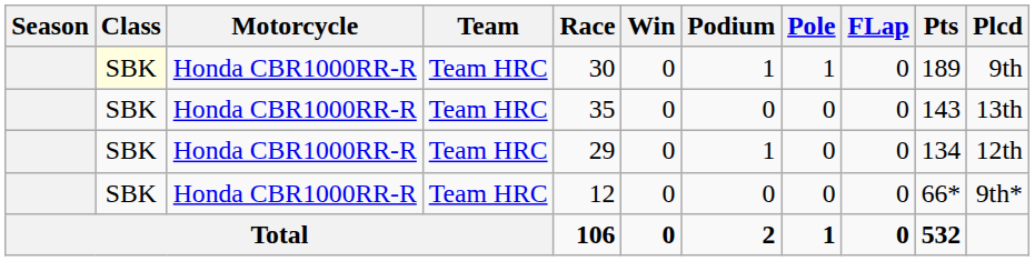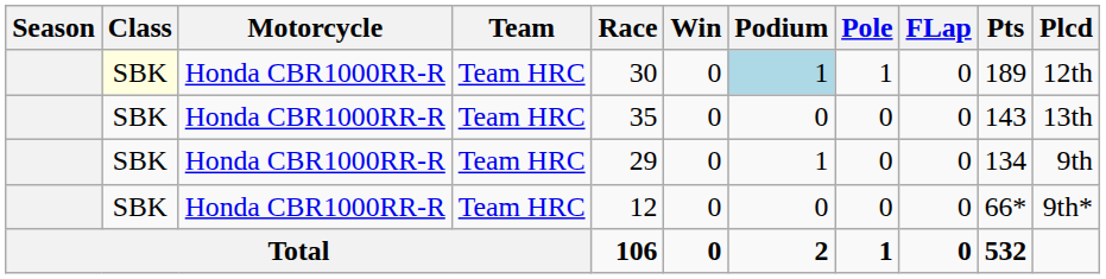 <table class="wikitable" style="text-align:right;">
 <tr>
 <th>Season</th>
 <th>Class</th>
 <th>Motorcycle</th>
 <th>Team</th>
 <th>Race</th>
 <th>Win</th>
 <th>Podium</th>
 <th><a href='#'>Pole</a></th>
 <th><a href='#'>FLap</a></th>
 <th>Pts</th>
 <th>Plcd</th>
 </tr>
 <tr>
 <th></th>
 <td style="background: lightyellow; text-align:center;">SBK</td>
 <td><a href='#'>Honda CBR1000RR-R</a></td>
 <td><a href='#'>Team HRC</a></td>
 <td>30</td>
 <td>0</td>
-<td>1</td>
+<td style="background: lightblue;">1</td>
 <td>1</td>
 <td>0</td>
 <td>189</td>
-<td>9th</td>
+<td>12th</td>
 </tr>
 <tr>
 <th></th>
 <td style="text-align:center;">SBK</td>
 <td><a href='#'>Honda CBR1000RR-R</a></td>
 <td><a href='#'>Team HRC</a></td>
 <td>35</td>
 <td>0</td>
 <td>0</td>
 <td>0</td>
 <td>0</td>
 <td>143</td>
 <td>13th</td>
 </tr>
 <tr>
 <th></th>
 <td style="text-align:center;">SBK</td>
 <td><a href='#'>Honda CBR1000RR-R</a></td>
 <td><a href='#'>Team HRC</a></td>
 <td>29</td>
 <td>0</td>
 <td>1</td>
 <td>0</td>
 <td>0</td>
 <td>134</td>
-<td>12th</td>
+<td>9th</td>
 </tr>
 <tr>
 <th></th>
 <td style="text-align:center;">SBK</td>
 <td><a href='#'>Honda CBR1000RR-R</a></td>
 <td><a href='#'>Team HRC</a></td>
 <td>12</td>
 <td>0</td>
 <td>0</td>
 <td>0</td>
 <td>0</td>
 <td>66*</td>
 <td>9th*</td>
 </tr>
 <tr>
 <th colspan="4">Total</th>
 <td><strong>106</strong></td>
 <td><strong>0</strong></td>
 <td><strong>2</strong></td>
 <td><strong>1</strong></td>
 <td><strong>0</strong></td>
 <td><strong>532</strong></td>
 <td></td>
 </tr>
 </table>
